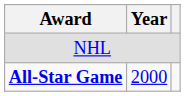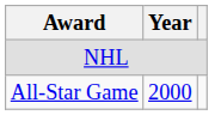 <table class="wikitable">
 <tr>
 <th>Award</th>
 <th>Year</th>
 <th></th>
 </tr>
 <tr ALIGN="center" bgcolor="#e0e0e0">
 <td colspan="3"><a href='#'>NHL</a></td>
 </tr>
 <tr>
-<td><strong><a href='#'>All-Star Game</a></strong></td>
+<td><a href='#'>All-Star Game</a></td>
 <td><a href='#'>2000</a></td>
 <td></td>
 </tr>
 </table>
